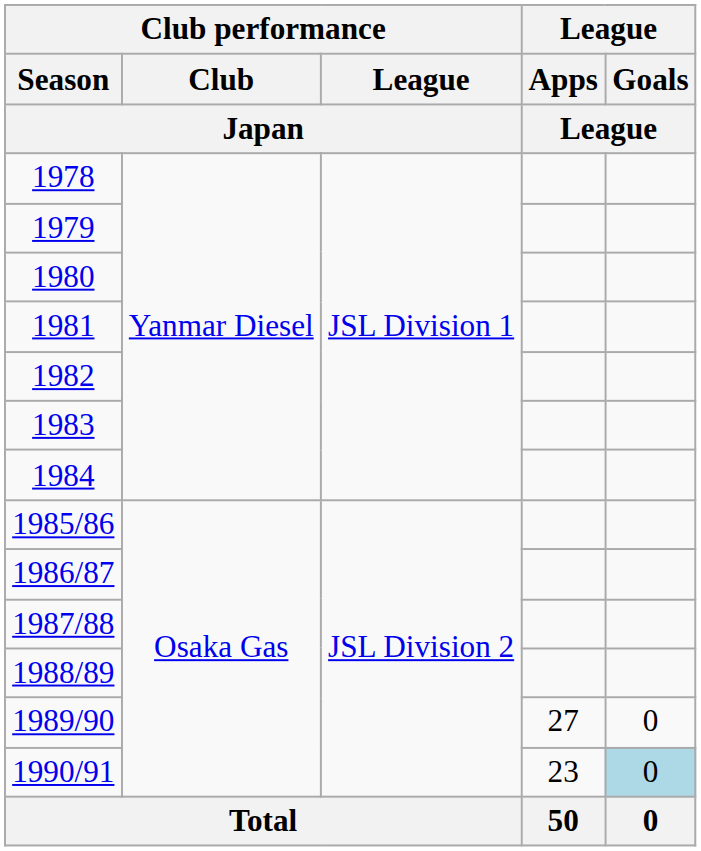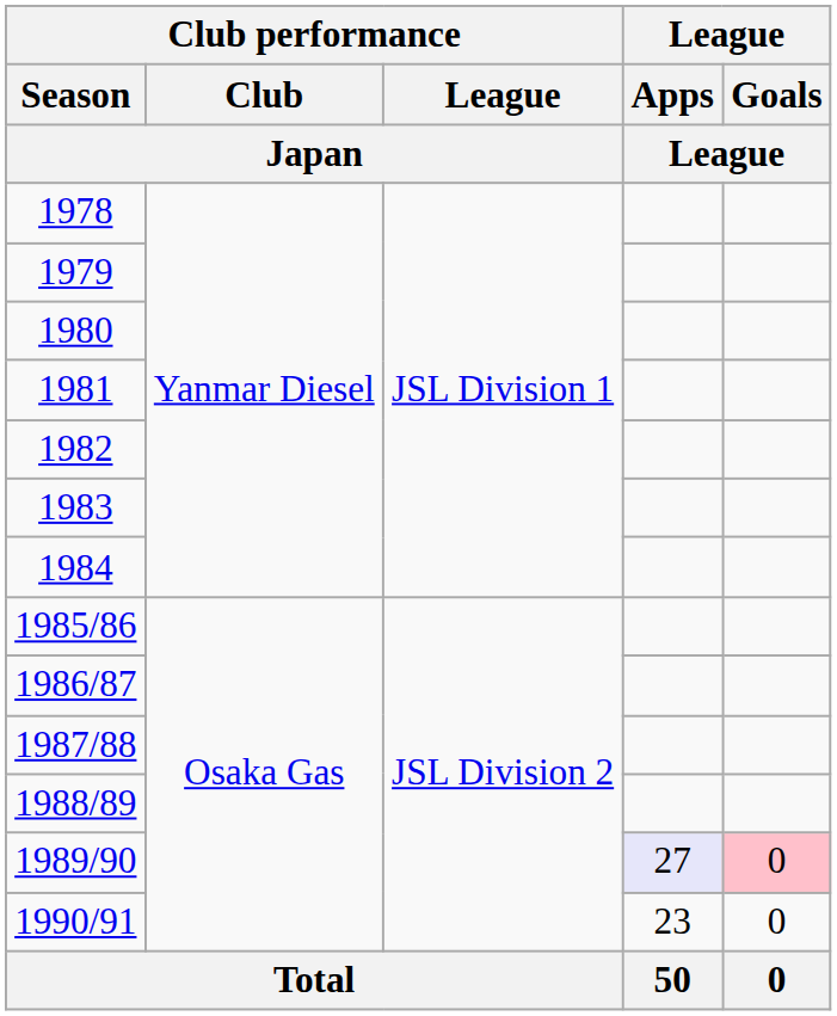 <table class="wikitable" style="text-align:center;">
 <tr>
 <th colspan=3>Club performance</th>
 <th colspan=2>League</th>
 </tr>
 <tr>
 <th>Season</th>
 <th>Club</th>
 <th>League</th>
 <th>Apps</th>
 <th>Goals</th>
 </tr>
 <tr>
 <th colspan=3>Japan</th>
 <th colspan=2>League</th>
 </tr>
 <tr>
 <td><a href='#'>1978</a></td>
 <td rowspan="7"><a href='#'>Yanmar Diesel</a></td>
 <td rowspan="7"><a href='#'>JSL Division 1</a></td>
 <td></td>
 <td></td>
 </tr>
 <tr>
 <td><a href='#'>1979</a></td>
 <td></td>
 <td></td>
 </tr>
 <tr>
 <td><a href='#'>1980</a></td>
 <td></td>
 <td></td>
 </tr>
 <tr>
 <td><a href='#'>1981</a></td>
 <td></td>
 <td></td>
 </tr>
 <tr>
 <td><a href='#'>1982</a></td>
 <td></td>
 <td></td>
 </tr>
 <tr>
 <td><a href='#'>1983</a></td>
 <td></td>
 <td></td>
 </tr>
 <tr>
 <td><a href='#'>1984</a></td>
 <td></td>
 <td></td>
 </tr>
 <tr>
 <td><a href='#'>1985/86</a></td>
 <td rowspan="6"><a href='#'>Osaka Gas</a></td>
 <td rowspan="6"><a href='#'>JSL Division 2</a></td>
 <td></td>
 <td></td>
 </tr>
 <tr>
 <td><a href='#'>1986/87</a></td>
 <td></td>
 <td></td>
 </tr>
 <tr>
 <td><a href='#'>1987/88</a></td>
 <td></td>
 <td></td>
 </tr>
 <tr>
 <td><a href='#'>1988/89</a></td>
 <td></td>
 <td></td>
 </tr>
 <tr>
 <td><a href='#'>1989/90</a></td>
-<td>27</td>
-<td>0</td>
+<td style="background: lavender;">27</td>
+<td style="background: pink;">0</td>
 </tr>
 <tr>
 <td><a href='#'>1990/91</a></td>
 <td>23</td>
-<td style="background: lightblue;">0</td>
+<td>0</td>
 </tr>
 <tr>
 <th colspan=3>Total</th>
 <th>50</th>
 <th>0</th>
 </tr>
 </table>
